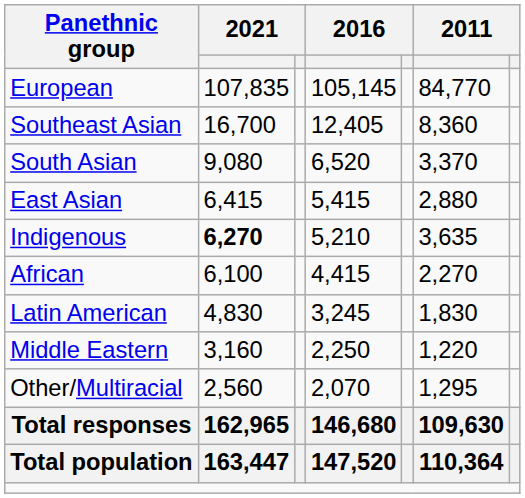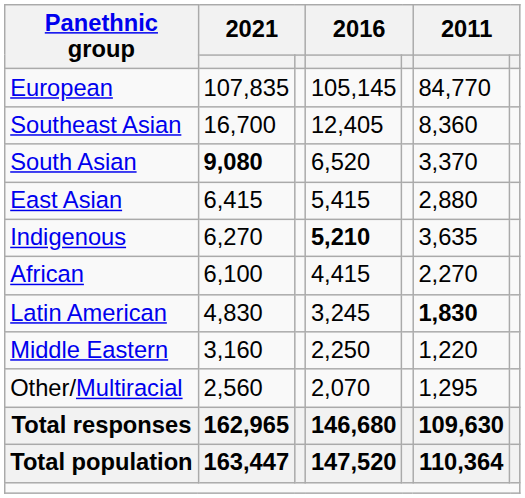 <table class="wikitable collapsible sortable">
 <tr>
 <th rowspan="2"><a href='#'>Panethnic</a><br>group</th>
 <th colspan="2">2021</th>
 <th colspan="2">2016</th>
 <th colspan="2">2011</th>
 </tr>
 <tr>
 <th><a href='#'></a></th>
 <th></th>
 <th></th>
 <th></th>
 <th></th>
 <th></th>
 </tr>
 <tr>
 <td><a href='#'>European</a></td>
 <td>107,835</td>
 <td></td>
 <td>105,145</td>
 <td></td>
 <td>84,770</td>
 <td></td>
 </tr>
 <tr>
 <td><a href='#'>Southeast Asian</a></td>
 <td>16,700</td>
 <td></td>
 <td>12,405</td>
 <td></td>
 <td>8,360</td>
 <td></td>
 </tr>
 <tr>
 <td><a href='#'>South Asian</a></td>
-<td>9,080</td>
+<td><strong>9,080</strong></td>
 <td></td>
 <td>6,520</td>
 <td></td>
 <td>3,370</td>
 <td></td>
 </tr>
 <tr>
 <td><a href='#'>East Asian</a></td>
 <td>6,415</td>
 <td></td>
 <td>5,415</td>
 <td></td>
 <td>2,880</td>
 <td></td>
 </tr>
 <tr>
 <td><a href='#'>Indigenous</a></td>
-<td><strong>6,270</strong></td>
+<td>6,270</td>
 <td></td>
-<td>5,210</td>
+<td><strong>5,210</strong></td>
 <td></td>
 <td>3,635</td>
 <td></td>
 </tr>
 <tr>
 <td><a href='#'>African</a></td>
 <td>6,100</td>
 <td></td>
 <td>4,415</td>
 <td></td>
 <td>2,270</td>
 <td></td>
 </tr>
 <tr>
 <td><a href='#'>Latin American</a></td>
 <td>4,830</td>
 <td></td>
 <td>3,245</td>
 <td></td>
-<td>1,830</td>
+<td><strong>1,830</strong></td>
 <td></td>
 </tr>
 <tr>
 <td><a href='#'>Middle Eastern</a></td>
 <td>3,160</td>
 <td></td>
 <td>2,250</td>
 <td></td>
 <td>1,220</td>
 <td></td>
 </tr>
 <tr>
 <td>Other/<a href='#'>Multiracial</a></td>
 <td>2,560</td>
 <td></td>
 <td>2,070</td>
 <td></td>
 <td>1,295</td>
 <td></td>
 </tr>
 <tr>
 <th>Total responses</th>
 <th>162,965</th>
 <th></th>
 <th>146,680</th>
 <th></th>
 <th>109,630</th>
 <th></th>
 </tr>
 <tr>
 <th>Total population</th>
 <th>163,447</th>
 <th></th>
 <th>147,520</th>
 <th></th>
 <th>110,364</th>
 <th></th>
 </tr>
 <tr class="sortbottom">
 <td colspan="15"></td>
 </tr>
 </table>
